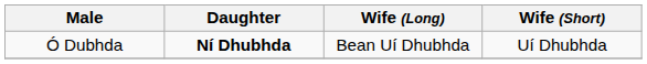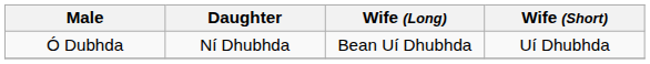 <table class="wikitable" style="text-align:right">
 <tr>
 <th width=20%>Male</th>
 <th width=20%>Daughter</th>
 <th width=20%>Wife <em><small>(Long)</small></em></th>
 <th width=20%>Wife <em><small>(Short)</small></em></th>
 </tr>
 <tr>
 <td align="center">Ó Dubhda</td>
-<td align="center"><strong>Ní Dhubhda</strong></td>
+<td align="center">Ní Dhubhda</td>
 <td align="center">Bean Uí Dhubhda</td>
 <td align="center">Uí Dhubhda</td>
 </tr>
 <tr>
 </tr>
 </table>
